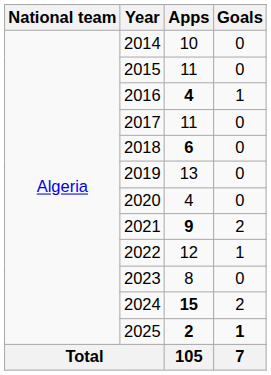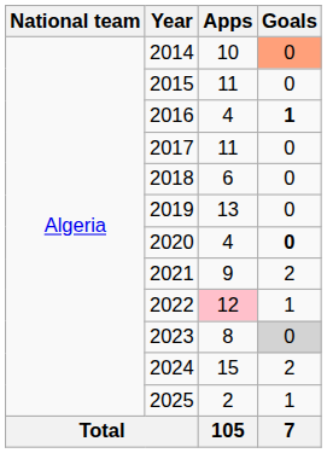 <table class="wikitable" style="text-align:center">
 <tr>
 <th>National team</th>
 <th>Year</th>
 <th>Apps</th>
 <th>Goals</th>
 </tr>
 <tr>
 <td rowspan="12"><a href='#'>Algeria</a></td>
 <td>2014</td>
 <td>10</td>
-<td>0</td>
+<td style="background: lightsalmon;">0</td>
 </tr>
 <tr>
 <td>2015</td>
 <td>11</td>
 <td>0</td>
 </tr>
 <tr>
 <td>2016</td>
-<td><strong>4</strong></td>
-<td>1</td>
+<td>4</td>
+<td><strong>1</strong></td>
 </tr>
 <tr>
 <td>2017</td>
 <td>11</td>
 <td>0</td>
 </tr>
 <tr>
 <td>2018</td>
-<td><strong>6</strong></td>
+<td>6</td>
 <td>0</td>
 </tr>
 <tr>
 <td>2019</td>
 <td>13</td>
 <td>0</td>
 </tr>
 <tr>
 <td>2020</td>
 <td>4</td>
-<td>0</td>
+<td><strong>0</strong></td>
 </tr>
 <tr>
 <td>2021</td>
-<td><strong>9</strong></td>
+<td>9</td>
 <td>2</td>
 </tr>
 <tr>
 <td>2022</td>
-<td>12</td>
+<td style="background: pink;">12</td>
 <td>1</td>
 </tr>
 <tr>
 <td>2023</td>
 <td>8</td>
-<td>0</td>
+<td style="background: lightgrey;">0</td>
 </tr>
 <tr>
 <td>2024</td>
-<td><strong>15</strong></td>
+<td>15</td>
 <td>2</td>
 </tr>
 <tr>
 <td>2025</td>
-<td><strong>2</strong></td>
-<td><strong>1</strong></td>
+<td>2</td>
+<td>1</td>
 </tr>
 <tr>
 <th colspan="2">Total</th>
 <th>105</th>
 <th>7</th>
 </tr>
 </table>
